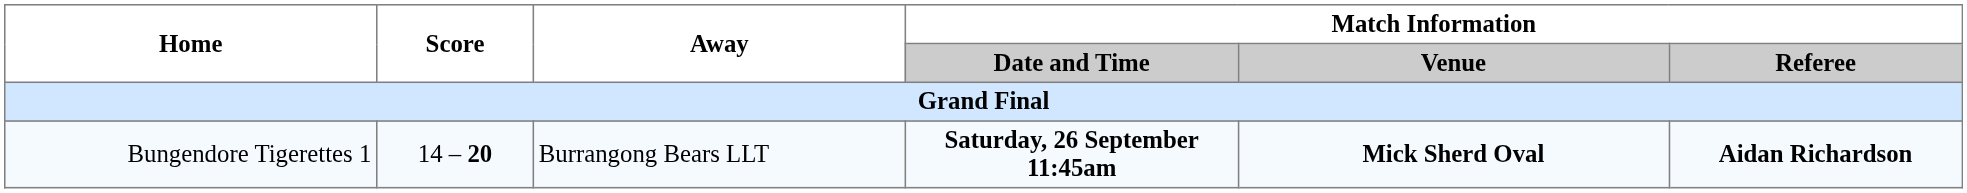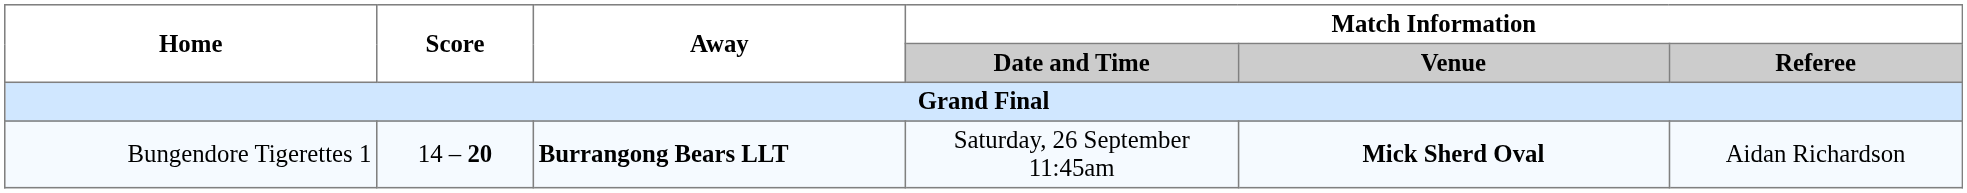 <table width="100%" cellspacing="0" cellpadding="3" border="1" style="border-collapse:collapse;  text-align:center;">
 <tr>
 <th rowspan="2" width="19%">Home</th>
 <th rowspan="2" width="8%">Score</th>
 <th rowspan="2" width="19%">Away</th>
 <th colspan="3">Match Information</th>
 </tr>
 <tr bgcolor="#CCCCCC">
 <th width="17%">Date and Time</th>
 <th width="22%">Venue</th>
 <th width="50%">Referee</th>
 </tr>
 <tr style="background:#d0e7ff;">
 <td colspan="6"><strong>Grand Final</strong></td>
 </tr>
 <tr style="text-align:center; background:#f5faff;">
 <td align="right">Bungendore Tigerettes 1 </td>
 <td>14 – <strong>20</strong></td>
-<td align="left"> Burrangong Bears LLT</td>
-<td><strong>Saturday, 26 September 11:45am</strong></td>
+<td align="left"><strong> Burrangong Bears LLT</strong></td>
+<td>Saturday, 26 September 11:45am</td>
 <td><strong>Mick Sherd Oval</strong></td>
-<td><strong>Aidan Richardson</strong></td>
+<td>Aidan Richardson</td>
 </tr>
 </table>
